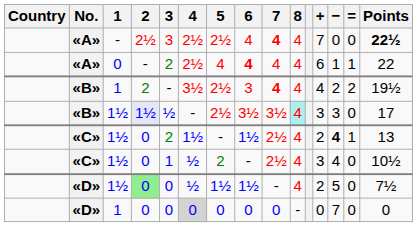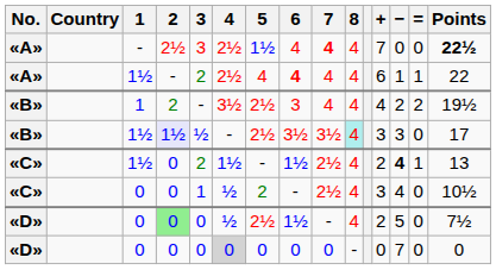 <table class="wikitable" style="text-align:center">
 <tr>
+<th>No.</th>
 <th>Country</th>
-<th>No.</th>
 <th>1</th>
 <th>2</th>
 <th>3</th>
 <th>4</th>
 <th>5</th>
 <th>6</th>
 <th>7</th>
 <th>8</th>
 <th></th>
 <th>+</th>
 <th>−</th>
 <th>=</th>
 <th>Points</th>
 </tr>
 <tr>
+<th>«A»</th>
 <td style="text-align: left"></td>
-<th>«A»</th>
 <td>-</td>
 <td style="color:red;">2½</td>
 <td style="color:red;">3</td>
 <td style="color:red;">2½</td>
-<td style="color:red;">2½</td>
+<td style="color:blue;">1½</td>
 <td style="color:red;">4</td>
 <td style="color:red;"><strong>4</strong></td>
 <td style="color:red;">4</td>
 <th></th>
 <td>7</td>
 <td>0</td>
 <td>0</td>
 <td><strong>22½ </strong></td>
 </tr>
 <tr>
+<th>«A»</th>
 <td style="text-align: left"></td>
-<th>«A»</th>
-<td style="color:blue;">0</td>
+<td style="color:blue;">1½</td>
 <td>-</td>
 <td style="color:green;">2</td>
 <td style="color:red;">2½</td>
 <td style="color:red;">4</td>
 <td style="color:red;"><strong>4</strong></td>
 <td style="color:red;">4</td>
 <td style="color:red;">4</td>
 <th></th>
 <td>6</td>
 <td>1</td>
 <td>1</td>
 <td>22</td>
 </tr>
 <tr style="border-top:2px solid grey;">
+<th>«B»</th>
 <td style="text-align: left"></td>
-<th>«B»</th>
 <td style="color:blue;">1</td>
 <td style="color:green;">2</td>
 <td>-</td>
 <td style="color:red;">3½</td>
 <td style="color:red;">2½</td>
 <td style="color:red;">3</td>
-<td style="color:red;"><strong>4</strong></td>
+<td style="color:red;">4</td>
 <td style="color:red;">4</td>
 <th></th>
 <td>4</td>
 <td>2</td>
 <td>2</td>
 <td>19½</td>
 </tr>
 <tr>
+<th>«B»</th>
 <td style="text-align: left"></td>
-<th>«B»</th>
 <td style="color:blue;">1½</td>
 <td style="background: lavender; color:blue;">1½</td>
 <td style="color:blue;">½</td>
 <td>-</td>
 <td style="color:red;">2½</td>
 <td style="color:red;">3½</td>
 <td style="color:red;">3½</td>
 <td style="background: paleturquoise; color:red;">4</td>
 <th></th>
 <td>3</td>
 <td>3</td>
 <td>0</td>
 <td>17</td>
 </tr>
 <tr style="border-top:2px solid grey;">
+<th>«C»</th>
 <td style="text-align: left"></td>
-<th>«C»</th>
 <td style="color:blue;">1½</td>
 <td style="color:blue;">0</td>
 <td style="color:green;">2</td>
 <td style="color:blue;">1½</td>
 <td>-</td>
 <td style="color:blue;">1½</td>
 <td style="color:red;">2½</td>
 <td style="color:red;">4</td>
 <th></th>
 <td>2</td>
 <td><strong>4</strong></td>
 <td>1</td>
 <td>13</td>
 </tr>
 <tr>
+<th>«C»</th>
 <td style="text-align: left"></td>
-<th>«C»</th>
-<td style="color:blue;">1½</td>
+<td style="color:blue;">0</td>
 <td style="color:blue;">0</td>
 <td style="color:blue;">1</td>
 <td style="color:blue;">½</td>
 <td style="color:green;">2</td>
 <td>-</td>
 <td style="color:red;">2½</td>
 <td style="color:red;">4</td>
 <th></th>
 <td>3</td>
 <td>4</td>
 <td>0</td>
 <td>10½</td>
 </tr>
 <tr style="border-top:2px solid grey;">
+<th>«D»</th>
 <td style="text-align: left"></td>
-<th>«D»</th>
-<td style="color:blue;">1½</td>
+<td style="color:blue;">0</td>
 <td style="background: lightgreen; color:blue;">0</td>
 <td style="color:blue;">0</td>
 <td style="color:blue;">½</td>
-<td style="color:blue;">1½</td>
+<td style="color:red;">2½</td>
 <td style="color:blue;">1½</td>
 <td>-</td>
 <td style="color:red;">4</td>
 <th></th>
 <td>2</td>
 <td>5</td>
 <td>0</td>
 <td>7½</td>
 </tr>
 <tr>
+<th>«D»</th>
 <td style="text-align: left"></td>
-<th>«D»</th>
-<td style="color:blue;">1</td>
+<td style="color:blue;">0</td>
 <td style="color:blue;">0</td>
 <td style="color:blue;">0</td>
 <td style="background: lightgrey; color:blue;">0</td>
 <td style="color:blue;">0</td>
 <td style="color:blue;">0</td>
 <td style="color:blue;">0</td>
 <td>-</td>
 <th></th>
 <td>0</td>
 <td>7</td>
 <td>0</td>
 <td>0</td>
 </tr>
 </table>
